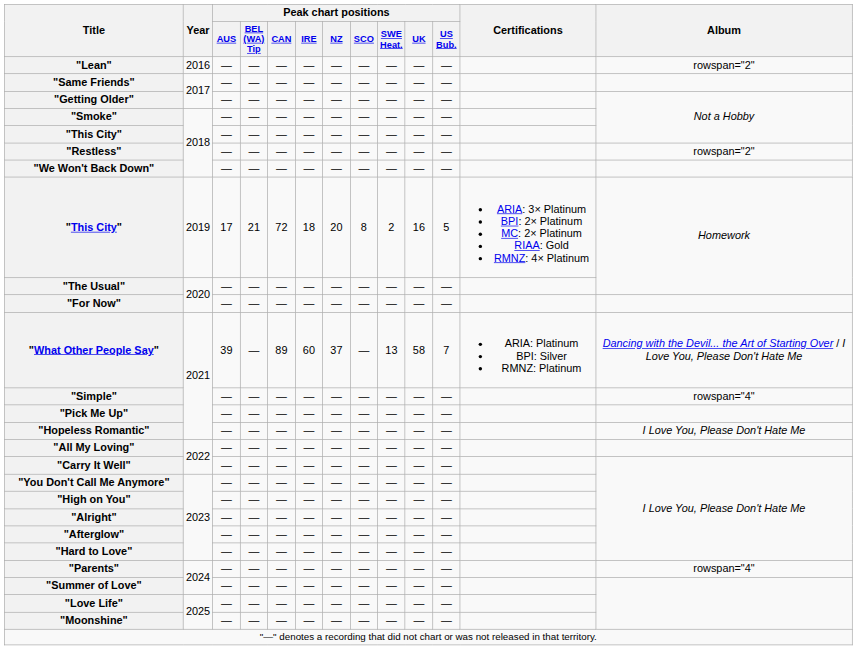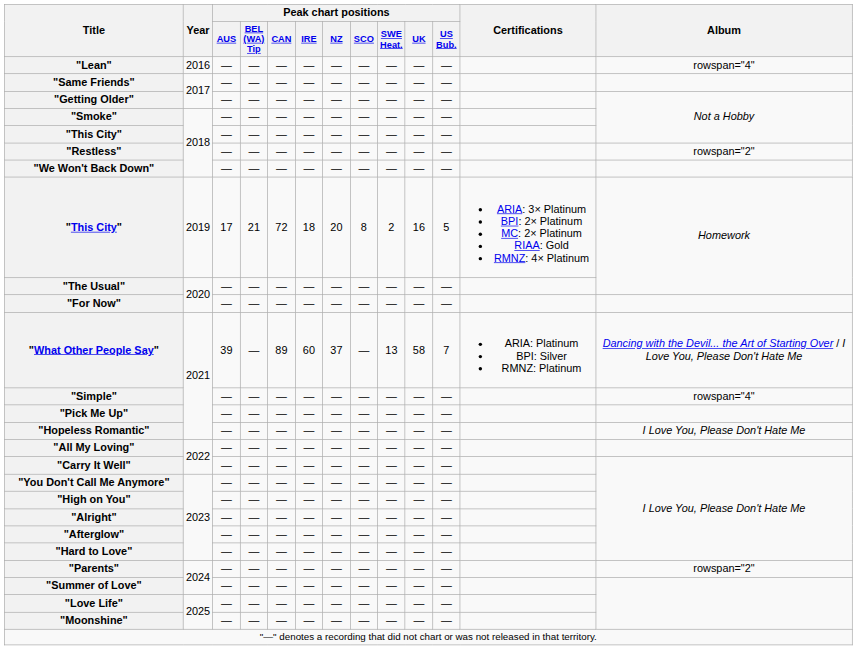 <table class="wikitable plainrowheaders" style="text-align:center">
 <tr>
 <th scope="col" rowspan="2" style="width:16em;">Title</th>
 <th scope="col" rowspan="2" style="width:1em;">Year</th>
 <th scope="col" colspan="9">Peak chart positions</th>
 <th scope="col" rowspan="2" style="width:12em;">Certifications</th>
 <th scope="col" rowspan="2">Album</th>
 </tr>
 <tr>
 <th scope="col" style="width:2.5em;font-size:85%;"><a href='#'>AUS</a><br></th>
 <th scope="col" style="width:2.5em;font-size:85%;"><a href='#'>BEL<br>(WA)<br>Tip</a><br></th>
 <th scope="col" style="width:2.5em;font-size:85%;"><a href='#'>CAN</a><br></th>
 <th scope="col" style="width:2.5em;font-size:85%;"><a href='#'>IRE</a><br></th>
 <th scope="col" style="width:2.5em;font-size:85%;"><a href='#'>NZ</a><br></th>
 <th scope="col" style="width:2.5em;font-size:85%;"><a href='#'>SCO</a><br></th>
 <th scope="col" style="width:2.5em;font-size:85%;"><a href='#'>SWE<br>Heat.</a><br></th>
 <th scope="col" style="width:2.5em;font-size:85%;"><a href='#'>UK</a><br></th>
 <th scope="col" style="width:2.5em;font-size:85%;"><a href='#'>US<br>Bub.</a><br></th>
 </tr>
 <tr>
 <th scope="row">"Lean"</th>
 <td>2016</td>
 <td>—</td>
 <td>—</td>
 <td>—</td>
 <td>—</td>
 <td>—</td>
 <td>—</td>
 <td>—</td>
 <td>—</td>
 <td>—</td>
 <td></td>
-<td>rowspan="2" </td>
+<td>rowspan="4" </td>
 </tr>
 <tr>
 <th scope="row">"Same Friends"</th>
 <td rowspan="2">2017</td>
 <td>—</td>
 <td>—</td>
 <td>—</td>
 <td>—</td>
 <td>—</td>
 <td>—</td>
 <td>—</td>
 <td>—</td>
 <td>—</td>
 <td></td>
 </tr>
 <tr>
 <th scope="row">"Getting Older"</th>
 <td>—</td>
 <td>—</td>
 <td>—</td>
 <td>—</td>
 <td>—</td>
 <td>—</td>
 <td>—</td>
 <td>—</td>
 <td>—</td>
 <td></td>
 <td rowspan="3"><em>Not a Hobby</em></td>
 </tr>
 <tr>
 <th scope="row">"Smoke"</th>
 <td rowspan="4">2018</td>
 <td>—</td>
 <td>—</td>
 <td>—</td>
 <td>—</td>
 <td>—</td>
 <td>—</td>
 <td>—</td>
 <td>—</td>
 <td>—</td>
 <td></td>
 </tr>
 <tr>
 <th scope="row">"This City"</th>
 <td>—</td>
 <td>—</td>
 <td>—</td>
 <td>—</td>
 <td>—</td>
 <td>—</td>
 <td>—</td>
 <td>—</td>
 <td>—</td>
 <td></td>
 </tr>
 <tr>
 <th scope="row">"Restless"<br></th>
 <td>—</td>
 <td>—</td>
 <td>—</td>
 <td>—</td>
 <td>—</td>
 <td>—</td>
 <td>—</td>
 <td>—</td>
 <td>—</td>
 <td></td>
 <td>rowspan="2" </td>
 </tr>
 <tr>
 <th scope="row">"We Won't Back Down"<br></th>
 <td>—</td>
 <td>—</td>
 <td>—</td>
 <td>—</td>
 <td>—</td>
 <td>—</td>
 <td>—</td>
 <td>—</td>
 <td>—</td>
 <td></td>
 </tr>
 <tr>
 <th scope="row">"<a href='#'>This City</a>"<br></th>
 <td>2019</td>
 <td>17</td>
 <td>21</td>
 <td>72</td>
 <td>18</td>
 <td>20</td>
 <td>8</td>
 <td>2</td>
 <td>16</td>
 <td>5</td>
 <td><br><ul><li><a href='#'>ARIA</a>: 3× Platinum</li><li><a href='#'>BPI</a>: 2× Platinum</li><li><a href='#'>MC</a>: 2× Platinum</li><li><a href='#'>RIAA</a>: Gold</li><li><a href='#'>RMNZ</a>: 4× Platinum</li></ul></td>
 <td rowspan="2"><em>Homework</em></td>
 </tr>
 <tr>
 <th scope="row">"The Usual"</th>
 <td rowspan="2">2020</td>
 <td>—</td>
 <td>—</td>
 <td>—</td>
 <td>—</td>
 <td>—</td>
 <td>—</td>
 <td>—</td>
 <td>—</td>
 <td>—</td>
 <td></td>
 </tr>
 <tr>
 <th scope="row">"For Now"</th>
 <td>—</td>
 <td>—</td>
 <td>—</td>
 <td>—</td>
 <td>—</td>
 <td>—</td>
 <td>—</td>
 <td>—</td>
 <td>—</td>
 <td></td>
 <td></td>
 </tr>
 <tr>
 <th scope="row">"<a href='#'>What Other People Say</a>"<br></th>
 <td rowspan="4">2021</td>
 <td>39</td>
 <td>—</td>
 <td>89</td>
 <td>60</td>
 <td>37</td>
 <td>—</td>
 <td>13</td>
 <td>58</td>
 <td>7</td>
 <td><br><ul><li>ARIA: Platinum</li><li>BPI: Silver</li><li>RMNZ: Platinum</li></ul></td>
 <td><em><a href='#'>Dancing with the Devil... the Art of Starting Over</a></em> / <em>I Love You, Please Don't Hate Me</em></td>
 </tr>
 <tr>
 <th scope="row">"Simple"</th>
 <td>—</td>
 <td>—</td>
 <td>—</td>
 <td>—</td>
 <td>—</td>
 <td>—</td>
 <td>—</td>
 <td>—</td>
 <td>—</td>
 <td></td>
 <td>rowspan="4" </td>
 </tr>
 <tr>
 <th scope="row">"Pick Me Up"<br></th>
 <td>—</td>
 <td>—</td>
 <td>—</td>
 <td>—</td>
 <td>—</td>
 <td>—</td>
 <td>—</td>
 <td>—</td>
 <td>—</td>
 <td></td>
 </tr>
 <tr>
 <th scope="row">"Hopeless Romantic"</th>
 <td>—</td>
 <td>—</td>
 <td>—</td>
 <td>—</td>
 <td>—</td>
 <td>—</td>
 <td>—</td>
 <td>—</td>
 <td>—</td>
 <td></td>
 <td><em>I Love You, Please Don't Hate Me</em></td>
 </tr>
 <tr>
 <th scope="row">"All My Loving"</th>
 <td rowspan="2">2022</td>
 <td>—</td>
 <td>—</td>
 <td>—</td>
 <td>—</td>
 <td>—</td>
 <td>—</td>
 <td>—</td>
 <td>—</td>
 <td>—</td>
 <td></td>
 <td></td>
 </tr>
 <tr>
 <th scope="row">"Carry It Well"</th>
 <td>—</td>
 <td>—</td>
 <td>—</td>
 <td>—</td>
 <td>—</td>
 <td>—</td>
 <td>—</td>
 <td>—</td>
 <td>—</td>
 <td></td>
 <td rowspan="6"><em>I Love You, Please Don't Hate Me</em></td>
 </tr>
 <tr>
 <th scope="row">"You Don't Call Me Anymore"</th>
 <td rowspan="5">2023</td>
 <td>—</td>
 <td>—</td>
 <td>—</td>
 <td>—</td>
 <td>—</td>
 <td>—</td>
 <td>—</td>
 <td>—</td>
 <td>—</td>
 <td></td>
 </tr>
 <tr>
 <th scope="row">"High on You"<br></th>
 <td>—</td>
 <td>—</td>
 <td>—</td>
 <td>—</td>
 <td>—</td>
 <td>—</td>
 <td>—</td>
 <td>—</td>
 <td>—</td>
 <td></td>
 </tr>
 <tr>
 <th scope="row">"Alright"<br></th>
 <td>—</td>
 <td>—</td>
 <td>—</td>
 <td>—</td>
 <td>—</td>
 <td>—</td>
 <td>—</td>
 <td>—</td>
 <td>—</td>
 <td></td>
 </tr>
 <tr>
 <th scope="row">"Afterglow"</th>
 <td>—</td>
 <td>—</td>
 <td>—</td>
 <td>—</td>
 <td>—</td>
 <td>—</td>
 <td>—</td>
 <td>—</td>
 <td>—</td>
 <td></td>
 </tr>
 <tr>
 <th scope="row">"Hard to Love"</th>
 <td>—</td>
 <td>—</td>
 <td>—</td>
 <td>—</td>
 <td>—</td>
 <td>—</td>
 <td>—</td>
 <td>—</td>
 <td>—</td>
 <td></td>
 </tr>
 <tr>
 <th scope="row">"Parents"</th>
 <td rowspan="2">2024</td>
 <td>—</td>
 <td>—</td>
 <td>—</td>
 <td>—</td>
 <td>—</td>
 <td>—</td>
 <td>—</td>
 <td>—</td>
 <td>—</td>
 <td></td>
-<td>rowspan="4" </td>
+<td>rowspan="2" </td>
 </tr>
 <tr>
 <th scope="row">"Summer of Love"<br></th>
 <td>—</td>
 <td>—</td>
 <td>—</td>
 <td>—</td>
 <td>—</td>
 <td>—</td>
 <td>—</td>
 <td>—</td>
 <td>—</td>
 <td></td>
 </tr>
 <tr>
 <th scope="row">"Love Life"</th>
 <td rowspan="2">2025</td>
 <td>—</td>
 <td>—</td>
 <td>—</td>
 <td>—</td>
 <td>—</td>
 <td>—</td>
 <td>—</td>
 <td>—</td>
 <td>—</td>
 <td></td>
 </tr>
 <tr>
 <th scope="row">"Moonshine"</th>
 <td>—</td>
 <td>—</td>
 <td>—</td>
 <td>—</td>
 <td>—</td>
 <td>—</td>
 <td>—</td>
 <td>—</td>
 <td>—</td>
 <td></td>
 </tr>
 <tr>
 <td colspan="13" style="font-size:90%">"—" denotes a recording that did not chart or was not released in that territory.</td>
 </tr>
 </table>
